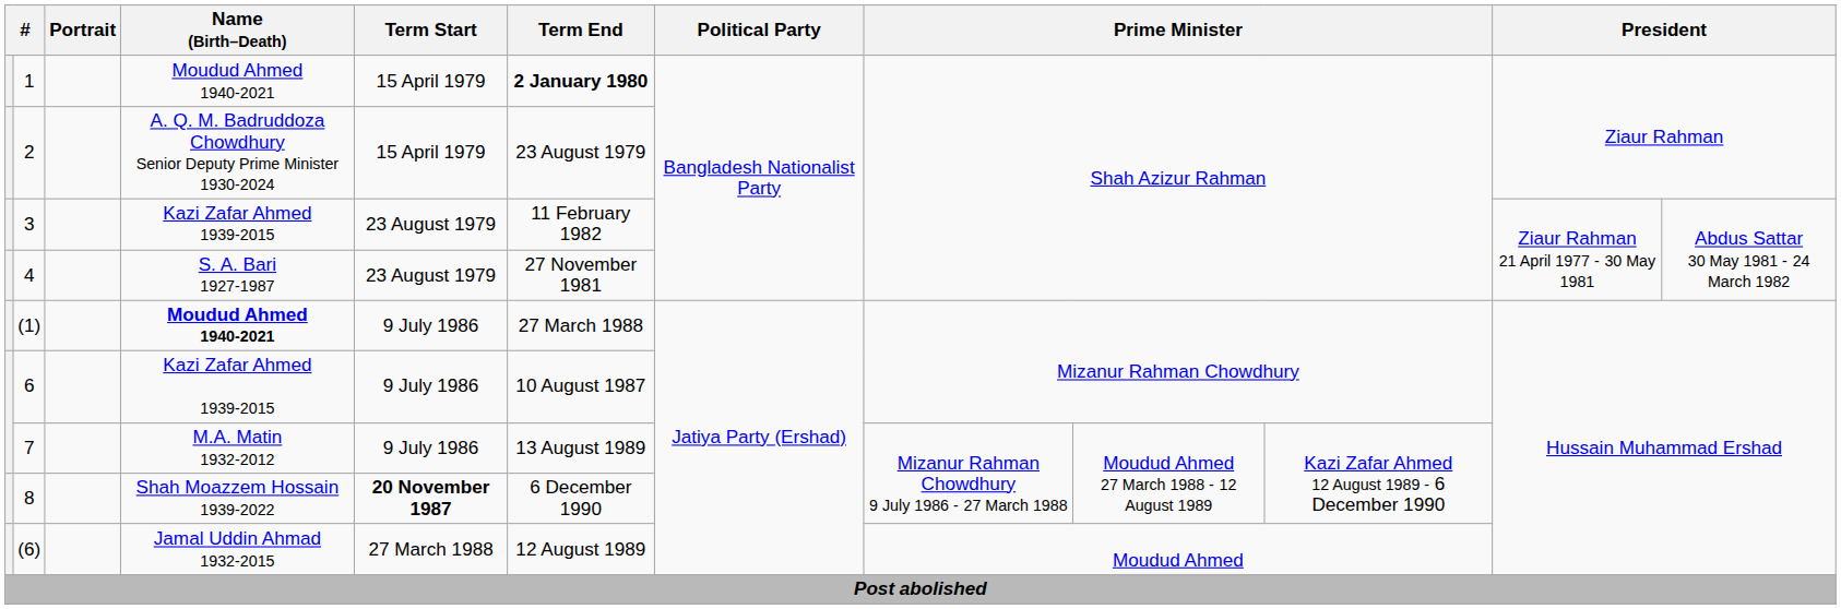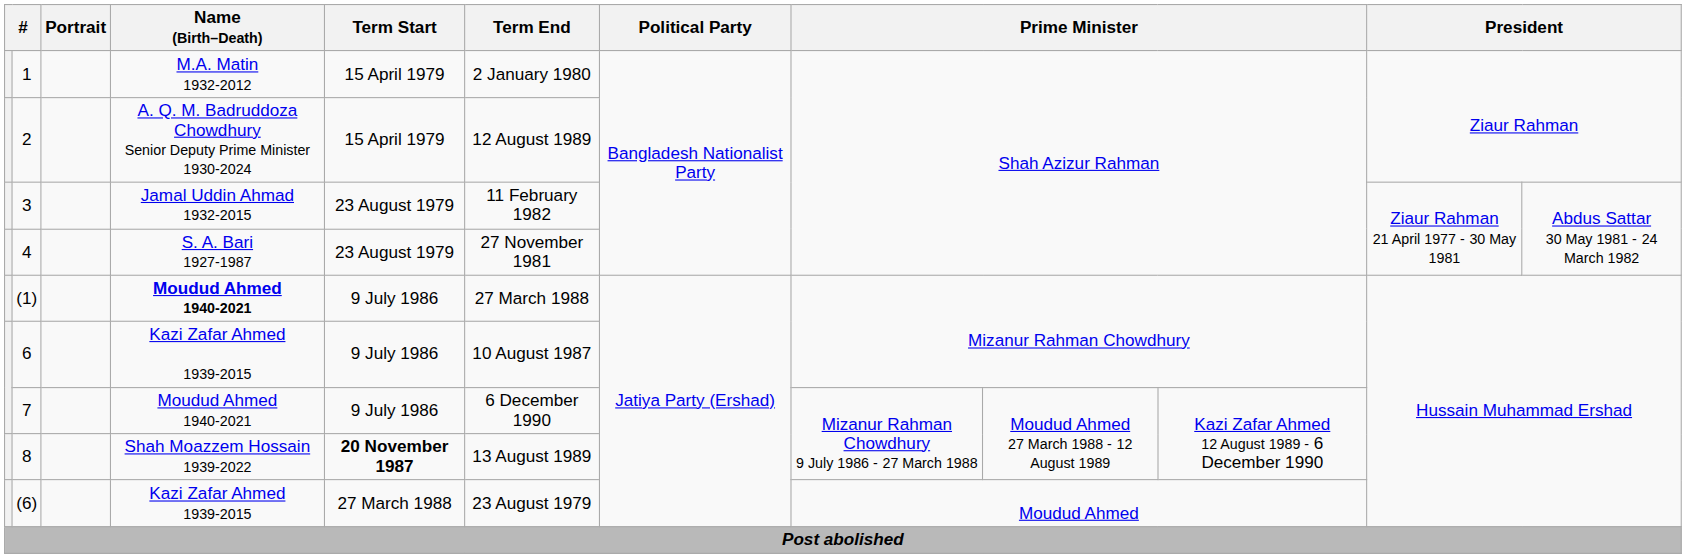 <table class="wikitable" style="text-align:center">
 <tr>
 <th colspan="2">#</th>
 <th>Portrait</th>
 <th>Name<br><strong><small>(Birth–Death)</small></strong></th>
 <th>Term Start</th>
 <th>Term End</th>
 <th>Political Party</th>
 <th colspan="3">Prime Minister</th>
 <th colspan="2">President</th>
 </tr>
 <tr>
 <th style="background:"></th>
 <td>1</td>
 <td></td>
-<td><a href='#'>Moudud Ahmed</a><br><small>1940-2021</small></td>
+<td><a href='#'>M.A. Matin</a><br><small>1932-2012</small></td>
 <td>15 April 1979</td>
-<td><strong>2 January 1980</strong></td>
+<td>2 January 1980</td>
 <td rowspan="4"><a href='#'>Bangladesh Nationalist Party</a></td>
 <td colspan="3" rowspan="4"><a href='#'>Shah Azizur Rahman</a></td>
 <td colspan="2" rowspan="2"><br><a href='#'>Ziaur Rahman</a></td>
 </tr>
 <tr>
 <th style="background:"></th>
 <td>2</td>
 <td></td>
 <td><a href='#'>A. Q. M. Badruddoza Chowdhury</a><br><small>Senior Deputy Prime Minister</small><br><small>1930-2024</small></td>
 <td>15 April 1979</td>
-<td>23 August 1979</td>
+<td>12 August 1989</td>
 </tr>
 <tr>
 <th style="background:"></th>
 <td>3</td>
 <td></td>
-<td><a href='#'>Kazi Zafar Ahmed</a><br><small>1939-2015</small></td>
+<td><a href='#'>Jamal Uddin Ahmad</a><br><small>1932-2015</small></td>
 <td>23 August 1979</td>
 <td>11 February 1982</td>
 <td rowspan="2"><br><a href='#'>Ziaur Rahman</a><br><small>21 April 1977 -</small> <small>30 May 1981</small></td>
 <td rowspan="2"><br><a href='#'>Abdus Sattar</a><br><small>30 May 1981 -</small> <small>24 March 1982</small></td>
 </tr>
 <tr>
 <th style="background:"></th>
 <td>4</td>
 <td></td>
 <td><a href='#'>S. A. Bari</a><br><small>1927-1987</small></td>
 <td>23 August 1979</td>
 <td>27 November 1981</td>
 </tr>
 <tr>
 <th style="background:"></th>
 <td>(1)</td>
 <td></td>
 <td><strong><a href='#'>Moudud Ahmed</a><br><small>1940-2021</small></strong></td>
 <td>9 July 1986</td>
 <td>27 March 1988</td>
 <td rowspan="5"><a href='#'>Jatiya Party (Ershad)</a></td>
 <td colspan="3" rowspan="2"><br><a href='#'>Mizanur Rahman Chowdhury</a></td>
 <td colspan="2" rowspan="5"><br><a href='#'>Hussain Muhammad Ershad</a></td>
 </tr>
 <tr>
 <th rowspan=2 align=centre style="background:"></th>
 <td>6</td>
 <td align="centre"></td>
 <td align="centre"><a href='#'>Kazi Zafar Ahmed</a><br><br><small>1939-2015</small></td>
 <td>9 July 1986</td>
 <td>10 August 1987</td>
 </tr>
 <tr>
 <td>7</td>
 <td></td>
-<td><a href='#'>M.A. Matin</a><br><small>1932-2012</small></td>
+<td><a href='#'>Moudud Ahmed</a><br><small>1940-2021</small></td>
 <td>9 July 1986</td>
-<td>13 August 1989</td>
+<td>6 December 1990</td>
 <td rowspan="2"><br><a href='#'>Mizanur Rahman Chowdhury</a><br><small>9 July 1986 -</small> <small>27 March 1988</small></td>
 <td rowspan="2"><br><a href='#'>Moudud Ahmed</a><br><small>27 March 1988 -</small> <small>12 August 1989</small></td>
 <td rowspan="2"><br><a href='#'>Kazi Zafar Ahmed</a><br><small>12 August 1989 -</small> 6 December 1990</td>
 </tr>
 <tr>
 <th style="background:"></th>
 <td>8</td>
 <td></td>
 <td><a href='#'>Shah Moazzem Hossain</a><br><small>1939-2022</small></td>
 <td><strong>20 November 1987</strong></td>
-<td>6 December 1990</td>
+<td>13 August 1989</td>
 </tr>
 <tr>
 <th style="background:"></th>
 <td>(6)</td>
 <td></td>
-<td><a href='#'>Jamal Uddin Ahmad</a><br><small>1932-2015</small></td>
+<td><a href='#'>Kazi Zafar Ahmed</a><br><small>1939-2015</small></td>
 <td>27 March 1988</td>
-<td>12 August 1989</td>
+<td>23 August 1979</td>
 <td colspan="3"><br><a href='#'>Moudud Ahmed</a></td>
 </tr>
 <tr>
 <td colspan=12 style="background:#B9B9B9; text-align:center;"><strong><em>Post abolished</em></strong></td>
 </tr>
 <tr>
 </tr>
 </table>
